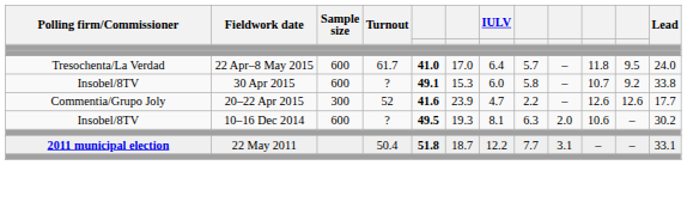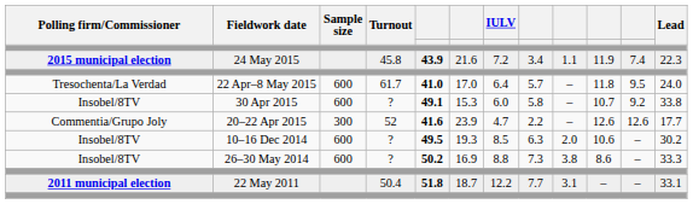 <table class="wikitable collapsible collapsed" style="text-align:center; font-size:95%; line-height:16px;">
 <tr style="height:42px;">
 <th style="width:250px;" rowspan="2">Polling firm/Commissioner</th>
 <th style="width:125px;" rowspan="2">Fieldwork date</th>
 <th style="width:50px;" rowspan="2">Sample size</th>
 <th style="width:45px;" rowspan="2">Turnout</th>
 <th style="width:35px;"></th>
 <th style="width:35px;"></th>
 <th style="width:35px;"><a href='#'>IULV</a></th>
 <th style="width:35px;"></th>
 <th style="width:35px;"></th>
 <th style="width:35px;"></th>
 <th style="width:35px;"></th>
 <th style="width:30px;" rowspan="2">Lead</th>
 </tr>
 <tr>
 <th style="color:inherit;background:"></th>
 <th style="color:inherit;background:"></th>
 <th style="color:inherit;background:"></th>
 <th style="color:inherit;background:"></th>
 <th style="color:inherit;background:"></th>
 <th style="color:inherit;background:"></th>
 <th style="color:inherit;background:"></th>
 </tr>
 <tr>
 <td colspan="12" style="background:#A0A0A0"></td>
+</tr>
+<tr style="background:#EFEFEF;">
+<td><strong><a href='#'>2015 municipal election</a></strong></td>
+<td>24 May 2015</td>
+<td></td>
+<td>45.8</td>
+<td><strong>43.9</strong><br></td>
+<td>21.6<br></td>
+<td>7.2<br></td>
+<td>3.4<br></td>
+<td>1.1<br></td>
+<td>11.9<br></td>
+<td>7.4<br></td>
+<td style="background:">22.3</td>
 </tr>
 <tr>
 <td colspan="12" style="background:#A0A0A0"></td>
 </tr>
 <tr>
 <td>Tresochenta/La Verdad</td>
 <td>22 Apr–8 May 2015</td>
 <td>600</td>
 <td>61.7</td>
 <td><strong>41.0</strong><br></td>
 <td>17.0<br></td>
 <td>6.4<br></td>
 <td>5.7<br></td>
 <td>–</td>
 <td>11.8<br></td>
 <td>9.5<br></td>
 <td style="background:">24.0</td>
 </tr>
 <tr>
 <td>Insobel/8TV</td>
 <td>30 Apr 2015</td>
 <td>600</td>
 <td>?</td>
 <td><strong>49.1</strong><br></td>
 <td>15.3<br></td>
 <td>6.0<br></td>
 <td>5.8<br></td>
 <td>–</td>
 <td>10.7<br></td>
 <td>9.2<br></td>
 <td style="background:">33.8</td>
 </tr>
 <tr>
 <td>Commentia/Grupo Joly</td>
 <td>20–22 Apr 2015</td>
 <td>300</td>
 <td>52</td>
 <td><strong>41.6</strong><br></td>
 <td>23.9<br></td>
 <td>4.7<br></td>
 <td>2.2<br></td>
 <td>–</td>
 <td>12.6<br></td>
 <td>12.6<br></td>
 <td style="background:">17.7</td>
 </tr>
 <tr>
 <td>Insobel/8TV</td>
 <td>10–16 Dec 2014</td>
 <td>600</td>
 <td>?</td>
 <td><strong>49.5</strong><br></td>
 <td>19.3<br></td>
-<td>8.1<br></td>
+<td>8.5<br></td>
 <td>6.3<br></td>
 <td>2.0<br></td>
 <td>10.6<br></td>
 <td>–</td>
 <td style="background:">30.2</td>
+</tr>
+<tr>
+<td>Insobel/8TV</td>
+<td>26–30 May 2014</td>
+<td>600</td>
+<td>?</td>
+<td><strong>50.2</strong><br></td>
+<td>16.9<br></td>
+<td>8.8<br></td>
+<td>7.3<br></td>
+<td>3.8<br></td>
+<td>8.6<br></td>
+<td>–</td>
+<td style="background:">33.3</td>
 </tr>
 <tr>
 <td colspan="12" style="background:#A0A0A0"></td>
 </tr>
 <tr style="background:#EFEFEF;">
 <td><strong><a href='#'>2011 municipal election</a></strong></td>
 <td>22 May 2011</td>
 <td></td>
 <td>50.4</td>
 <td><strong>51.8</strong><br></td>
 <td>18.7<br></td>
 <td>12.2<br></td>
 <td>7.7<br></td>
 <td>3.1<br></td>
 <td>–</td>
 <td>–</td>
 <td style="background:">33.1</td>
 </tr>
 <tr>
 <td colspan="12" style="background:#A0A0A0"></td>
 </tr>
 </table>
